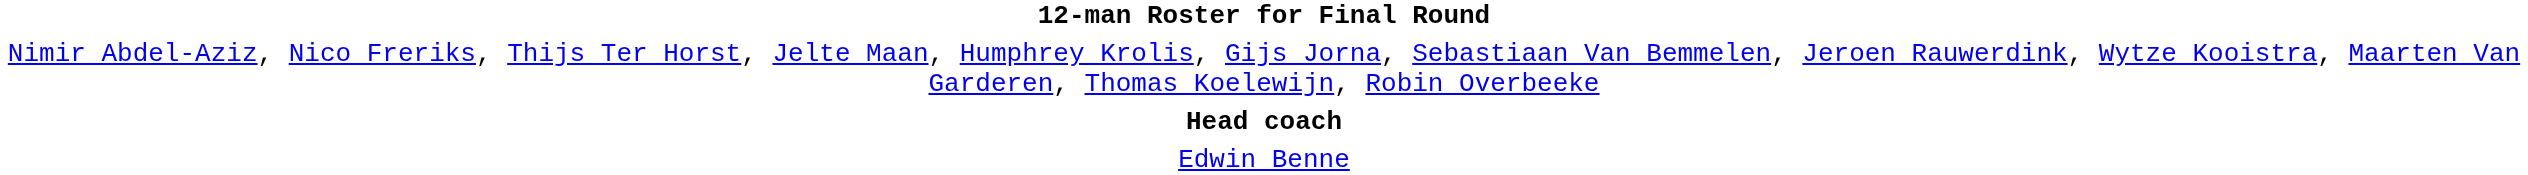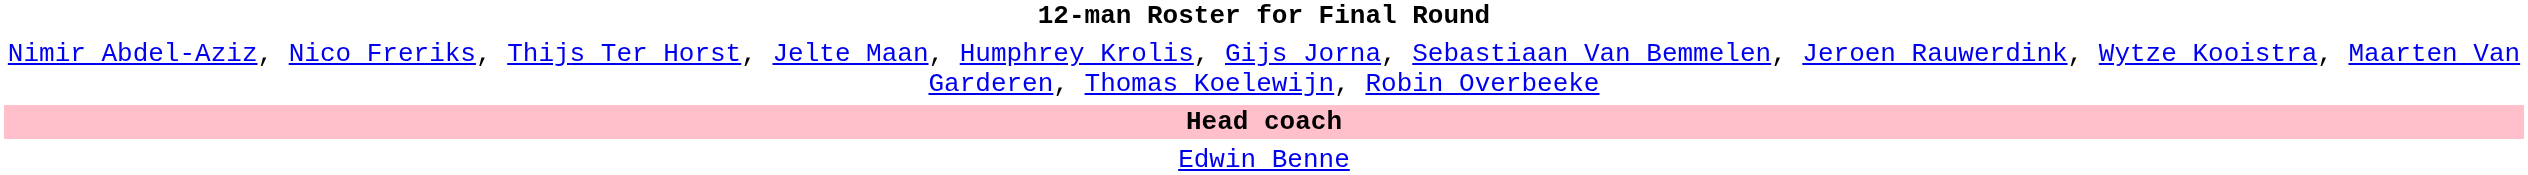 <table style="text-align:center; margin-top:2em; margin-left:auto; margin-right:auto">
 <tr>
 <td><strong>12-man Roster for Final Round</strong></td>
 </tr>
 <tr>
 <td><a href='#'>Nimir Abdel-Aziz</a>, <a href='#'>Nico Freriks</a>, <a href='#'>Thijs Ter Horst</a>, <a href='#'>Jelte Maan</a>, <a href='#'>Humphrey Krolis</a>, <a href='#'>Gijs Jorna</a>, <a href='#'>Sebastiaan Van Bemmelen</a>, <a href='#'>Jeroen Rauwerdink</a>, <a href='#'>Wytze Kooistra</a>, <a href='#'>Maarten Van Garderen</a>, <a href='#'>Thomas Koelewijn</a>, <a href='#'>Robin Overbeeke</a></td>
 </tr>
 <tr>
-<td><strong>Head coach</strong></td>
+<td style="background: pink;"><strong>Head coach</strong></td>
 </tr>
 <tr>
 <td><a href='#'>Edwin Benne</a></td>
 </tr>
 </table>
